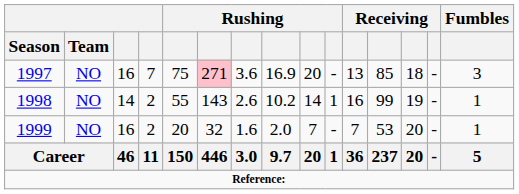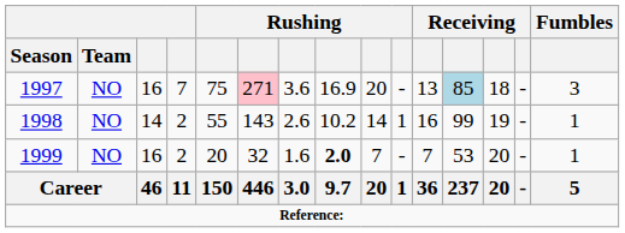 <table class="wikitable" style="text-align:center">
 <tr>
 <th colspan="4"> </th>
 <th colspan="6">Rushing</th>
 <th colspan="4">Receiving</th>
 <th colspan="1">Fumbles</th>
 </tr>
 <tr>
 <th>Season</th>
 <th>Team</th>
 <th></th>
 <th></th>
 <th></th>
 <th></th>
 <th></th>
 <th></th>
 <th></th>
 <th></th>
 <th></th>
 <th></th>
 <th></th>
 <th></th>
 <th></th>
 </tr>
 <tr>
 <td><a href='#'>1997</a></td>
 <td><a href='#'>NO</a></td>
 <td>16</td>
 <td>7</td>
 <td>75</td>
 <td style="background: pink;">271</td>
 <td>3.6</td>
 <td>16.9</td>
 <td>20</td>
 <td>-</td>
 <td>13</td>
-<td>85</td>
+<td style="background: lightblue;">85</td>
 <td>18</td>
 <td>-</td>
 <td>3</td>
 </tr>
 <tr>
 <td><a href='#'>1998</a></td>
 <td><a href='#'>NO</a></td>
 <td>14</td>
 <td>2</td>
 <td>55</td>
 <td>143</td>
 <td>2.6</td>
 <td>10.2</td>
 <td>14</td>
 <td>1</td>
 <td>16</td>
 <td>99</td>
 <td>19</td>
 <td>-</td>
 <td>1</td>
 </tr>
 <tr>
 <td><a href='#'>1999</a></td>
 <td><a href='#'>NO</a></td>
 <td>16</td>
 <td>2</td>
 <td>20</td>
 <td>32</td>
 <td>1.6</td>
-<td>2.0</td>
+<td><strong>2.0</strong></td>
 <td>7</td>
 <td>-</td>
 <td>7</td>
 <td>53</td>
 <td>20</td>
 <td>-</td>
 <td>1</td>
 </tr>
 <tr class="sortbottom" style="background:#eee;">
 <th colspan="2">Career</th>
 <th>46</th>
 <th>11</th>
 <th>150</th>
 <th>446</th>
 <th>3.0</th>
 <th>9.7</th>
 <th>20</th>
 <th>1</th>
 <th>36</th>
 <th>237</th>
 <th>20</th>
 <th>-</th>
 <th>5</th>
 </tr>
 <tr>
 <td colspan="15"  style="font-size:8pt; text-align:center;"><strong>Reference:</strong></td>
 </tr>
 </table>
